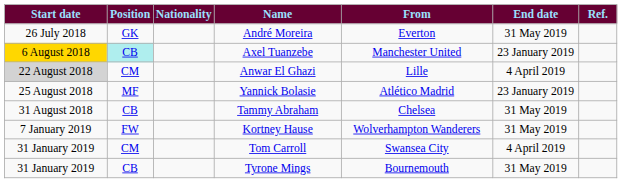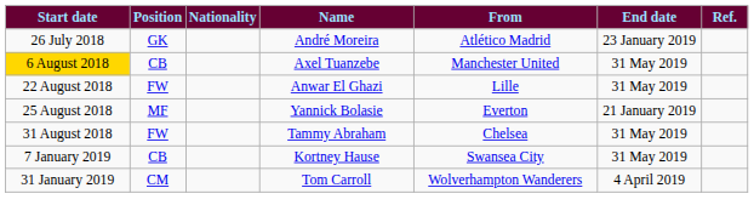 <table class="wikitable"  style="text-align:center; font-size:90%; ">
 <tr>
 <th style="background:#660033; color:#9be1ff; width:120px;">Start date</th>
 <th style="background:#660033; color:#9be1ff; width:50px;">Position</th>
 <th style="background:#660033; color:#9be1ff; width:50px;">Nationality</th>
 <th style="background:#660033; color:#9be1ff; width:150px;">Name</th>
 <th style="background:#660033; color:#9be1ff; width:180px;">From</th>
 <th style="background:#660033; color:#9be1ff; width:100px;">End date</th>
 <th style="background:#660033; color:#9be1ff; width:40px;">Ref.</th>
 </tr>
 <tr>
 <td>26 July 2018</td>
 <td><a href='#'>GK</a></td>
 <td></td>
 <td><a href='#'>André Moreira</a></td>
-<td><a href='#'>Everton</a></td>
+<td> <a href='#'>Atlético Madrid</a></td>
+<td>23 January 2019</td>
+<td></td>
+</tr>
+<tr>
+<td style="background: gold;">6 August 2018</td>
+<td><a href='#'>CB</a></td>
+<td></td>
+<td><a href='#'>Axel Tuanzebe</a></td>
+<td> <a href='#'>Manchester United</a></td>
 <td>31 May 2019</td>
 <td></td>
 </tr>
 <tr>
-<td style="background: gold;">6 August 2018</td>
-<td style="background: paleturquoise;"><a href='#'>CB</a></td>
-<td></td>
-<td><a href='#'>Axel Tuanzebe</a></td>
-<td> <a href='#'>Manchester United</a></td>
-<td>23 January 2019</td>
-<td></td>
-</tr>
-<tr>
-<td style="background: lightgrey;">22 August 2018</td>
-<td><a href='#'>CM</a></td>
+<td>22 August 2018</td>
+<td><a href='#'>FW</a></td>
 <td></td>
 <td><a href='#'>Anwar El Ghazi</a></td>
 <td> <a href='#'>Lille</a></td>
-<td>4 April 2019</td>
+<td>31 May 2019</td>
 <td></td>
 </tr>
 <tr>
 <td>25 August 2018</td>
 <td><a href='#'>MF</a></td>
 <td></td>
 <td><a href='#'>Yannick Bolasie</a></td>
-<td> <a href='#'>Atlético Madrid</a></td>
-<td>23 January 2019</td>
+<td><a href='#'>Everton</a></td>
+<td>21 January 2019</td>
 <td></td>
 </tr>
 <tr>
 <td>31 August 2018</td>
-<td><a href='#'>CB</a></td>
+<td><a href='#'>FW</a></td>
 <td></td>
 <td><a href='#'>Tammy Abraham</a></td>
 <td> <a href='#'>Chelsea</a></td>
 <td>31 May 2019</td>
 <td></td>
 </tr>
 <tr>
 <td>7 January 2019</td>
-<td><a href='#'>FW</a></td>
+<td><a href='#'>CB</a></td>
 <td></td>
 <td><a href='#'>Kortney Hause</a></td>
-<td> <a href='#'>Wolverhampton Wanderers</a></td>
+<td> <a href='#'>Swansea City</a></td>
 <td>31 May 2019</td>
 <td></td>
 </tr>
 <tr>
 <td>31 January 2019</td>
 <td><a href='#'>CM</a></td>
 <td></td>
 <td><a href='#'>Tom Carroll</a></td>
-<td> <a href='#'>Swansea City</a></td>
+<td> <a href='#'>Wolverhampton Wanderers</a></td>
 <td>4 April 2019</td>
 <td></td>
 </tr>
-<tr>
-<td>31 January 2019</td>
-<td><a href='#'>CB</a></td>
-<td></td>
-<td><a href='#'>Tyrone Mings</a></td>
-<td> <a href='#'>Bournemouth</a></td>
-<td>31 May 2019</td>
-<td></td>
-</tr>
 </table>
